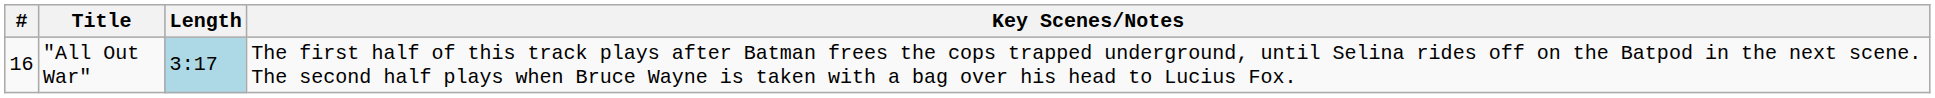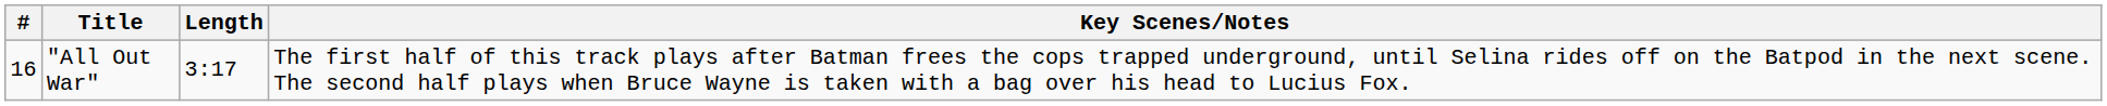 <table class="wikitable">
 <tr>
 <th style="text-align:center;">#</th>
 <th style="text-align:center;">Title</th>
 <th style="text-align:center;">Length</th>
 <th style="text-align:center;">Key Scenes/Notes</th>
 </tr>
 <tr>
 <td>16</td>
 <td>"All Out War"</td>
-<td style="background: lightblue;">3:17</td>
+<td>3:17</td>
 <td>The first half of this track plays after Batman frees the cops trapped underground, until Selina rides off on the Batpod in the next scene. The second half plays when Bruce Wayne is taken with a bag over his head to Lucius Fox.</td>
 </tr>
 </table>
